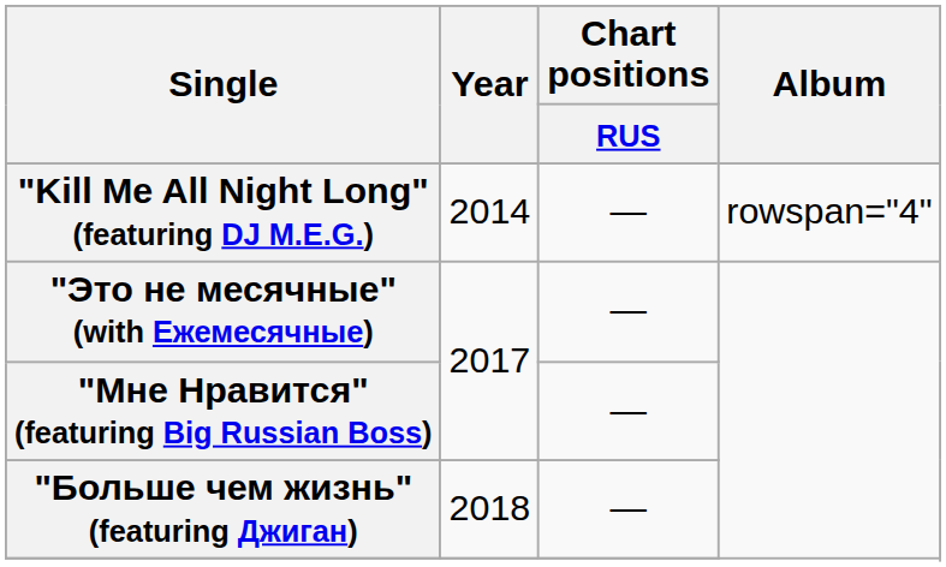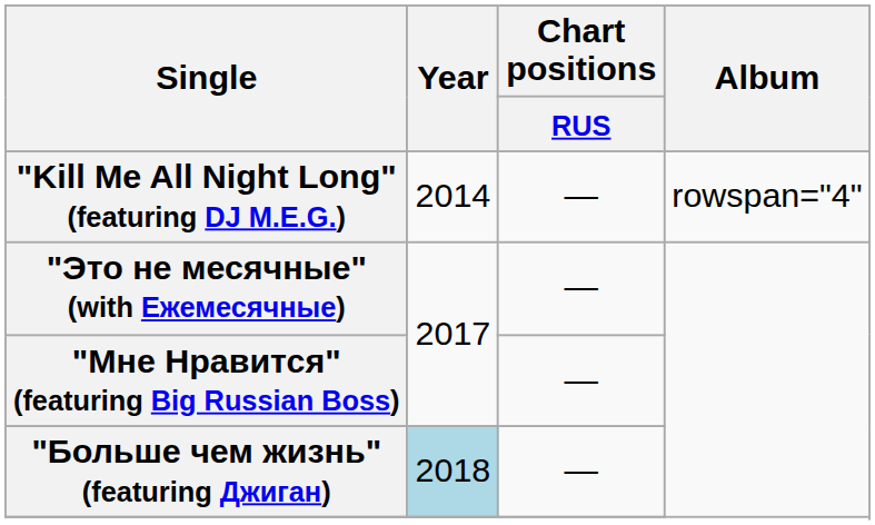 <table class="wikitable plainrowheaders" style="text-align: center;">
 <tr>
 <th rowspan="2">Single</th>
 <th rowspan="2">Year</th>
 <th colspan="1">Chart positions</th>
 <th rowspan="2">Album</th>
 </tr>
 <tr>
 <th style="width:30px;"><small><a href='#'>RUS</a><br></small></th>
 </tr>
 <tr>
 <th scope="row">"Kill Me All Night Long"<br><small>(featuring <a href='#'>DJ M.E.G.</a>)</small></th>
 <td>2014</td>
 <td>—</td>
 <td>rowspan="4" </td>
 </tr>
 <tr>
 <th scope="row">"Это не месячные"<br><small>(with <a href='#'>Ежемесячные</a>)</small></th>
 <td rowspan="2">2017</td>
 <td>—</td>
 </tr>
 <tr>
 <th scope="row">"Мне Нравится"<br><small>(featuring <a href='#'>Big Russian Boss</a>)</small></th>
 <td>—</td>
 </tr>
 <tr>
 <th scope="row">"Больше чем жизнь"<br><small>(featuring <a href='#'>Джиган</a>)</small></th>
-<td>2018</td>
+<td style="background: lightblue;">2018</td>
 <td>—</td>
 </tr>
 <tr>
 </tr>
 </table>
